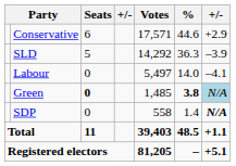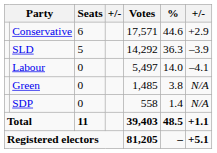 <table class="wikitable sortable">
 <tr>
 <th colspan="2">Party</th>
 <th>Seats</th>
 <th>+/-</th>
 <th>Votes</th>
 <th>%</th>
 <th>+/-</th>
 </tr>
 <tr>
 <td style="background-color: "></td>
 <td><a href='#'>Conservative</a></td>
 <td>6</td>
 <td></td>
 <td style="text-align:right;">17,571</td>
 <td style="text-align:right;">44.6</td>
 <td style="text-align:right;">+2.9</td>
 </tr>
 <tr>
 <td style="background-color: "></td>
 <td><a href='#'>SLD</a></td>
 <td>5</td>
 <td></td>
 <td style="text-align:right;">14,292</td>
 <td style="text-align:right;">36.3</td>
 <td style="text-align:right;">–3.9</td>
 </tr>
 <tr>
 <td style="background-color: "></td>
 <td><a href='#'>Labour</a></td>
 <td>0</td>
 <td></td>
 <td style="text-align:right;">5,497</td>
 <td style="text-align:right;">14.0</td>
 <td style="text-align:right;">–4.1</td>
 </tr>
 <tr>
 <td style="background-color: "></td>
 <td><a href='#'>Green</a></td>
-<td><strong>0</strong></td>
+<td>0</td>
 <td></td>
 <td style="text-align:right;">1,485</td>
-<td style="text-align:right;"><strong>3.8</strong></td>
-<td style="background: lightblue; text-align:right;"><em>N/A</em></td>
+<td style="text-align:right;">3.8</td>
+<td style="text-align:right;"><em>N/A</em></td>
 </tr>
 <tr>
 <td style="background-color: "></td>
 <td><a href='#'>SDP</a></td>
 <td>0</td>
 <td></td>
 <td style="text-align:right;">558</td>
 <td style="text-align:right;">1.4</td>
-<td style="text-align:right;"><strong><em>N/A</em></strong></td>
+<td style="text-align:right;"><em>N/A</em></td>
 </tr>
 <tr>
 <td colspan="2"><strong>Total</strong></td>
 <td><strong>11</strong></td>
 <td></td>
 <td style="text-align:right;"><strong>39,403</strong></td>
 <td style="text-align:right;"><strong>48.5</strong></td>
 <td style="text-align:right;"><strong>+1.1</strong></td>
 </tr>
 <tr>
 <td colspan="4"><strong>Registered electors</strong></td>
 <td style="text-align:right;"><strong>81,205</strong></td>
 <td style="text-align:right;"><strong>–</strong></td>
 <td style="text-align:right;"><strong>+5.1</strong></td>
 </tr>
 </table>
